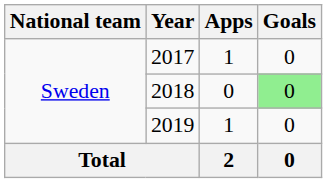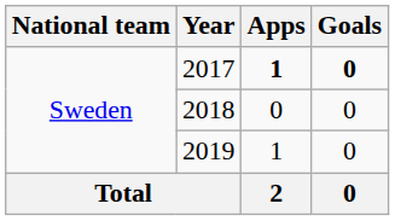 <table class="wikitable" style="text-align:center">
 <tr>
 <th>National team</th>
 <th>Year</th>
 <th>Apps</th>
 <th>Goals</th>
 </tr>
 <tr>
 <td rowspan="3"><a href='#'>Sweden</a></td>
 <td>2017</td>
-<td>1</td>
-<td>0</td>
+<td><strong>1</strong></td>
+<td><strong>0</strong></td>
 </tr>
 <tr>
 <td>2018</td>
 <td>0</td>
-<td style="background: lightgreen;">0</td>
+<td>0</td>
 </tr>
 <tr>
 <td>2019</td>
 <td>1</td>
 <td>0</td>
 </tr>
 <tr>
 <th colspan="2">Total</th>
 <th>2</th>
 <th>0</th>
 </tr>
 </table>
